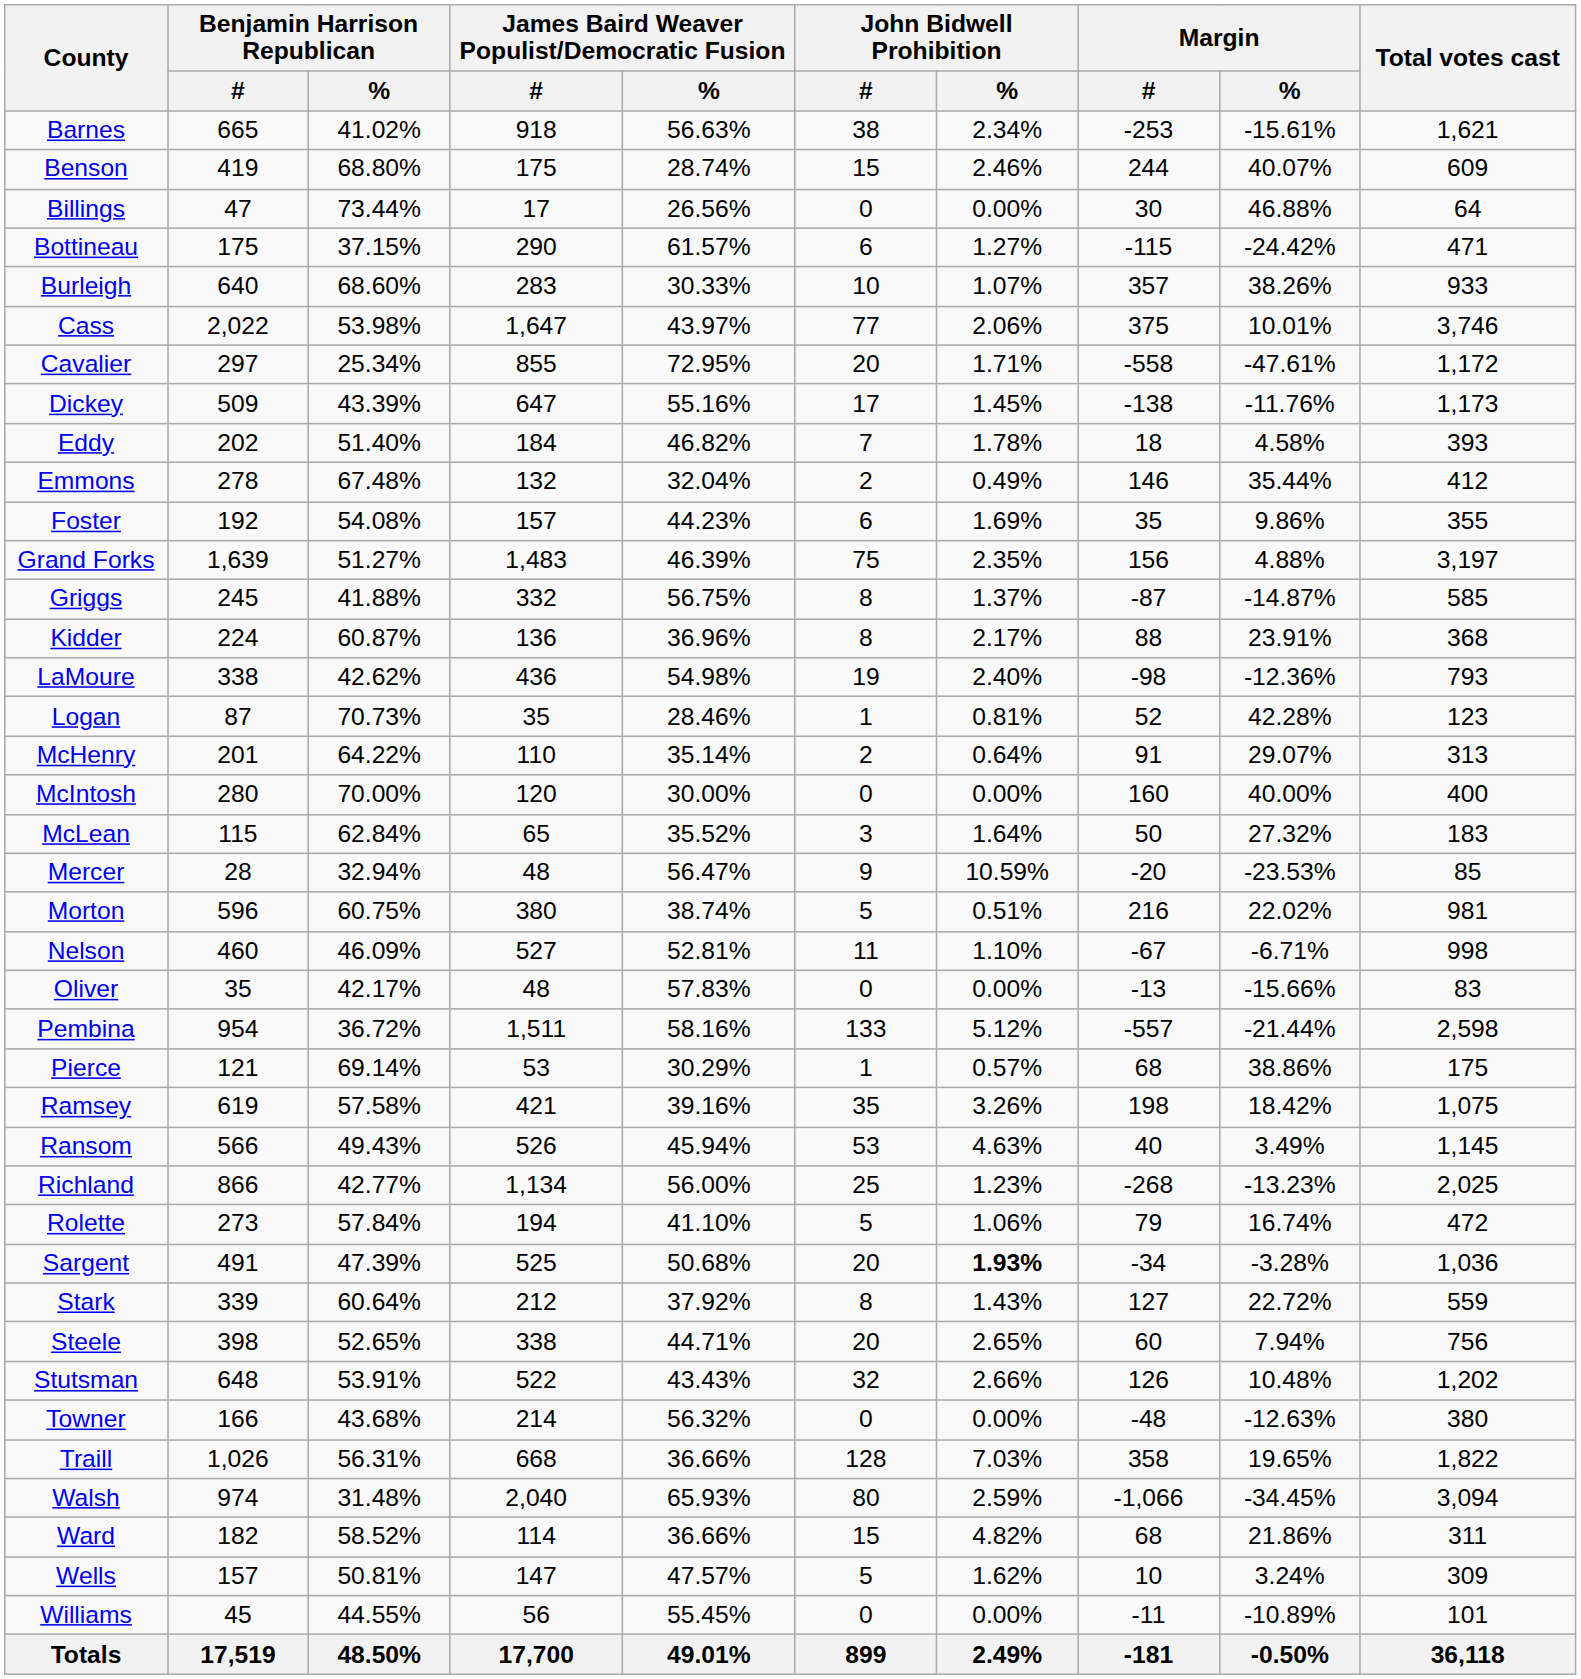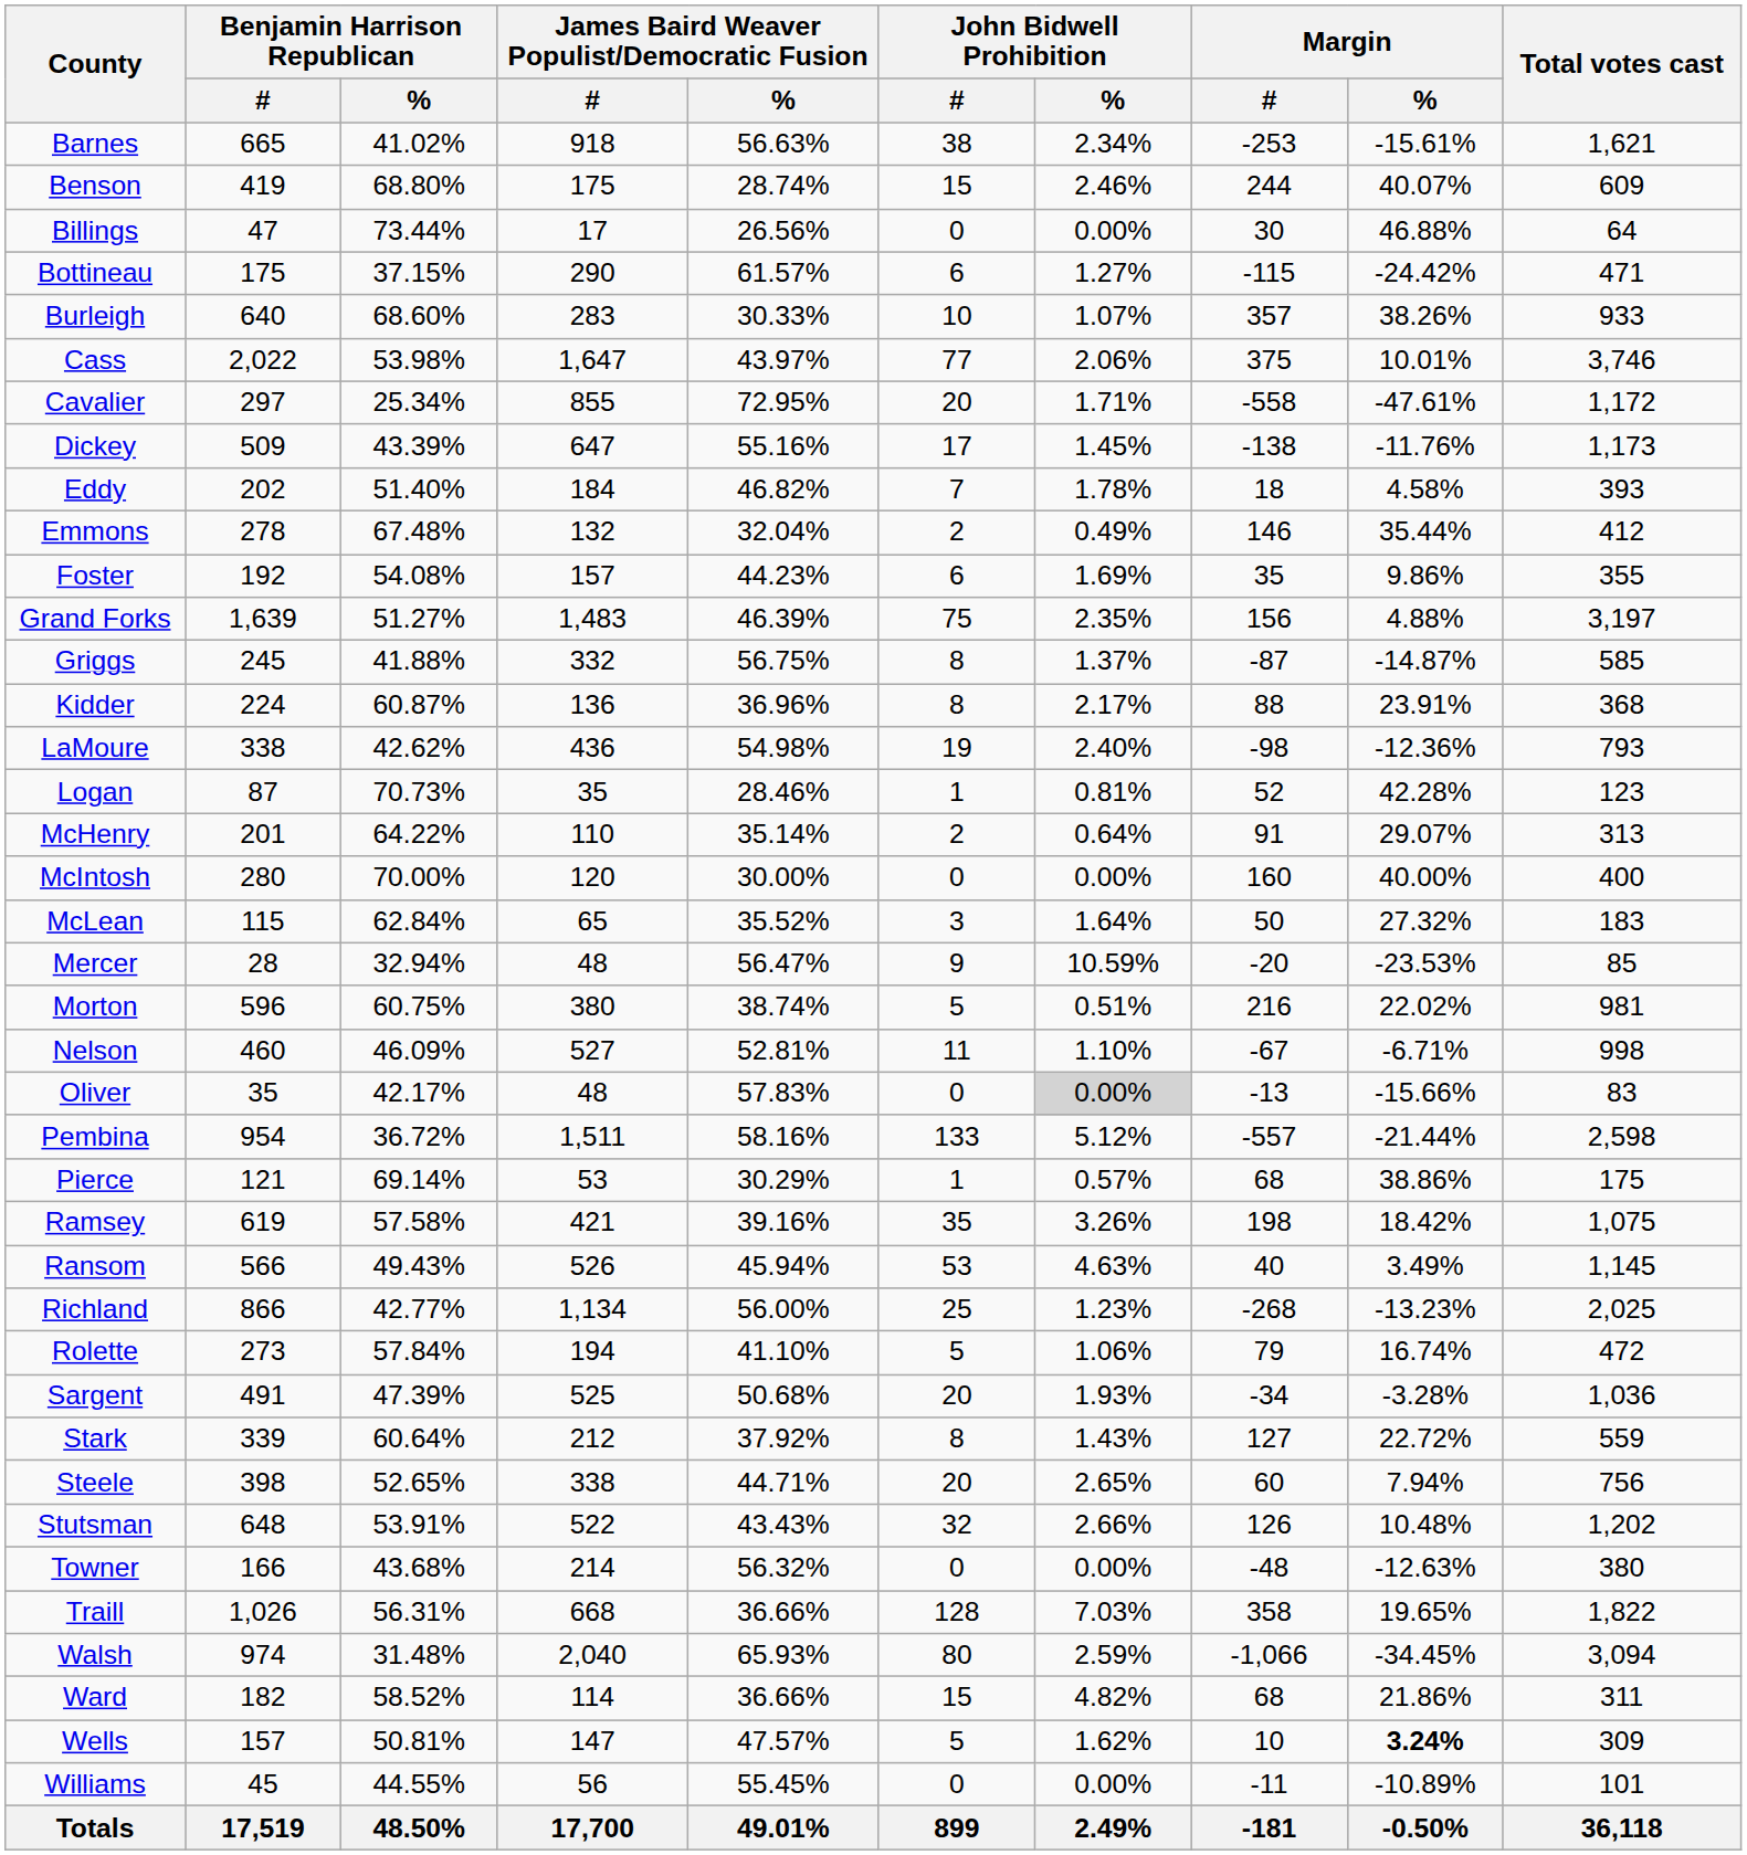 <table class="wikitable sortable">
 <tr>
 <th rowspan="2">County</th>
 <th colspan="2">Benjamin Harrison<br>Republican</th>
 <th colspan="2">James Baird Weaver<br>Populist/Democratic Fusion</th>
 <th colspan="2">John Bidwell<br>Prohibition</th>
 <th colspan="2">Margin</th>
 <th rowspan="2">Total votes cast</th>
 </tr>
 <tr style="text-align:center;">
 <th data-sort-type="number" width="9%">#</th>
 <th data-sort-type="number" width="9%">%</th>
 <th data-sort-type="number" width="11%">#</th>
 <th data-sort-type="number" width="11%">%</th>
 <th data-sort-type="number" width="9%">#</th>
 <th data-sort-type="number" width="9%">%</th>
 <th data-sort-type="number" width="9%">#</th>
 <th data-sort-type="number" width="9%">%</th>
 </tr>
 <tr style="text-align:center;">
 <td><a href='#'>Barnes</a></td>
 <td>665</td>
 <td>41.02%</td>
 <td>918</td>
 <td>56.63%</td>
 <td>38</td>
 <td>2.34%</td>
 <td>-253</td>
 <td>-15.61%</td>
 <td>1,621</td>
 </tr>
 <tr style="text-align:center;">
 <td><a href='#'>Benson</a></td>
 <td>419</td>
 <td>68.80%</td>
 <td>175</td>
 <td>28.74%</td>
 <td>15</td>
 <td>2.46%</td>
 <td>244</td>
 <td>40.07%</td>
 <td>609</td>
 </tr>
 <tr style="text-align:center;">
 <td><a href='#'>Billings</a></td>
 <td>47</td>
 <td>73.44%</td>
 <td>17</td>
 <td>26.56%</td>
 <td>0</td>
 <td>0.00%</td>
 <td>30</td>
 <td>46.88%</td>
 <td>64</td>
 </tr>
 <tr style="text-align:center;">
 <td><a href='#'>Bottineau</a></td>
 <td>175</td>
 <td>37.15%</td>
 <td>290</td>
 <td>61.57%</td>
 <td>6</td>
 <td>1.27%</td>
 <td>-115</td>
 <td>-24.42%</td>
 <td>471</td>
 </tr>
 <tr style="text-align:center;">
 <td><a href='#'>Burleigh</a></td>
 <td>640</td>
 <td>68.60%</td>
 <td>283</td>
 <td>30.33%</td>
 <td>10</td>
 <td>1.07%</td>
 <td>357</td>
 <td>38.26%</td>
 <td>933</td>
 </tr>
 <tr style="text-align:center;">
 <td><a href='#'>Cass</a></td>
 <td>2,022</td>
 <td>53.98%</td>
 <td>1,647</td>
 <td>43.97%</td>
 <td>77</td>
 <td>2.06%</td>
 <td>375</td>
 <td>10.01%</td>
 <td>3,746</td>
 </tr>
 <tr style="text-align:center;">
 <td><a href='#'>Cavalier</a></td>
 <td>297</td>
 <td>25.34%</td>
 <td>855</td>
 <td>72.95%</td>
 <td>20</td>
 <td>1.71%</td>
 <td>-558</td>
 <td>-47.61%</td>
 <td>1,172</td>
 </tr>
 <tr style="text-align:center;">
 <td><a href='#'>Dickey</a></td>
 <td>509</td>
 <td>43.39%</td>
 <td>647</td>
 <td>55.16%</td>
 <td>17</td>
 <td>1.45%</td>
 <td>-138</td>
 <td>-11.76%</td>
 <td>1,173</td>
 </tr>
 <tr style="text-align:center;">
 <td><a href='#'>Eddy</a></td>
 <td>202</td>
 <td>51.40%</td>
 <td>184</td>
 <td>46.82%</td>
 <td>7</td>
 <td>1.78%</td>
 <td>18</td>
 <td>4.58%</td>
 <td>393</td>
 </tr>
 <tr style="text-align:center;">
 <td><a href='#'>Emmons</a></td>
 <td>278</td>
 <td>67.48%</td>
 <td>132</td>
 <td>32.04%</td>
 <td>2</td>
 <td>0.49%</td>
 <td>146</td>
 <td>35.44%</td>
 <td>412</td>
 </tr>
 <tr style="text-align:center;">
 <td><a href='#'>Foster</a></td>
 <td>192</td>
 <td>54.08%</td>
 <td>157</td>
 <td>44.23%</td>
 <td>6</td>
 <td>1.69%</td>
 <td>35</td>
 <td>9.86%</td>
 <td>355</td>
 </tr>
 <tr style="text-align:center;">
 <td><a href='#'>Grand Forks</a></td>
 <td>1,639</td>
 <td>51.27%</td>
 <td>1,483</td>
 <td>46.39%</td>
 <td>75</td>
 <td>2.35%</td>
 <td>156</td>
 <td>4.88%</td>
 <td>3,197</td>
 </tr>
 <tr style="text-align:center;">
 <td><a href='#'>Griggs</a></td>
 <td>245</td>
 <td>41.88%</td>
 <td>332</td>
 <td>56.75%</td>
 <td>8</td>
 <td>1.37%</td>
 <td>-87</td>
 <td>-14.87%</td>
 <td>585</td>
 </tr>
 <tr style="text-align:center;">
 <td><a href='#'>Kidder</a></td>
 <td>224</td>
 <td>60.87%</td>
 <td>136</td>
 <td>36.96%</td>
 <td>8</td>
 <td>2.17%</td>
 <td>88</td>
 <td>23.91%</td>
 <td>368</td>
 </tr>
 <tr style="text-align:center;">
 <td><a href='#'>LaMoure</a></td>
 <td>338</td>
 <td>42.62%</td>
 <td>436</td>
 <td>54.98%</td>
 <td>19</td>
 <td>2.40%</td>
 <td>-98</td>
 <td>-12.36%</td>
 <td>793</td>
 </tr>
 <tr style="text-align:center;">
 <td><a href='#'>Logan</a></td>
 <td>87</td>
 <td>70.73%</td>
 <td>35</td>
 <td>28.46%</td>
 <td>1</td>
 <td>0.81%</td>
 <td>52</td>
 <td>42.28%</td>
 <td>123</td>
 </tr>
 <tr style="text-align:center;">
 <td><a href='#'>McHenry</a></td>
 <td>201</td>
 <td>64.22%</td>
 <td>110</td>
 <td>35.14%</td>
 <td>2</td>
 <td>0.64%</td>
 <td>91</td>
 <td>29.07%</td>
 <td>313</td>
 </tr>
 <tr style="text-align:center;">
 <td><a href='#'>McIntosh</a></td>
 <td>280</td>
 <td>70.00%</td>
 <td>120</td>
 <td>30.00%</td>
 <td>0</td>
 <td>0.00%</td>
 <td>160</td>
 <td>40.00%</td>
 <td>400</td>
 </tr>
 <tr style="text-align:center;">
 <td><a href='#'>McLean</a></td>
 <td>115</td>
 <td>62.84%</td>
 <td>65</td>
 <td>35.52%</td>
 <td>3</td>
 <td>1.64%</td>
 <td>50</td>
 <td>27.32%</td>
 <td>183</td>
 </tr>
 <tr style="text-align:center;">
 <td><a href='#'>Mercer</a></td>
 <td>28</td>
 <td>32.94%</td>
 <td>48</td>
 <td>56.47%</td>
 <td>9</td>
 <td>10.59%</td>
 <td>-20</td>
 <td>-23.53%</td>
 <td>85</td>
 </tr>
 <tr style="text-align:center;">
 <td><a href='#'>Morton</a></td>
 <td>596</td>
 <td>60.75%</td>
 <td>380</td>
 <td>38.74%</td>
 <td>5</td>
 <td>0.51%</td>
 <td>216</td>
 <td>22.02%</td>
 <td>981</td>
 </tr>
 <tr style="text-align:center;">
 <td><a href='#'>Nelson</a></td>
 <td>460</td>
 <td>46.09%</td>
 <td>527</td>
 <td>52.81%</td>
 <td>11</td>
 <td>1.10%</td>
 <td>-67</td>
 <td>-6.71%</td>
 <td>998</td>
 </tr>
 <tr style="text-align:center;">
 <td><a href='#'>Oliver</a></td>
 <td>35</td>
 <td>42.17%</td>
 <td>48</td>
 <td>57.83%</td>
 <td>0</td>
-<td>0.00%</td>
+<td style="background: lightgrey;">0.00%</td>
 <td>-13</td>
 <td>-15.66%</td>
 <td>83</td>
 </tr>
 <tr style="text-align:center;">
 <td><a href='#'>Pembina</a></td>
 <td>954</td>
 <td>36.72%</td>
 <td>1,511</td>
 <td>58.16%</td>
 <td>133</td>
 <td>5.12%</td>
 <td>-557</td>
 <td>-21.44%</td>
 <td>2,598</td>
 </tr>
 <tr style="text-align:center;">
 <td><a href='#'>Pierce</a></td>
 <td>121</td>
 <td>69.14%</td>
 <td>53</td>
 <td>30.29%</td>
 <td>1</td>
 <td>0.57%</td>
 <td>68</td>
 <td>38.86%</td>
 <td>175</td>
 </tr>
 <tr style="text-align:center;">
 <td><a href='#'>Ramsey</a></td>
 <td>619</td>
 <td>57.58%</td>
 <td>421</td>
 <td>39.16%</td>
 <td>35</td>
 <td>3.26%</td>
 <td>198</td>
 <td>18.42%</td>
 <td>1,075</td>
 </tr>
 <tr style="text-align:center;">
 <td><a href='#'>Ransom</a></td>
 <td>566</td>
 <td>49.43%</td>
 <td>526</td>
 <td>45.94%</td>
 <td>53</td>
 <td>4.63%</td>
 <td>40</td>
 <td>3.49%</td>
 <td>1,145</td>
 </tr>
 <tr style="text-align:center;">
 <td><a href='#'>Richland</a></td>
 <td>866</td>
 <td>42.77%</td>
 <td>1,134</td>
 <td>56.00%</td>
 <td>25</td>
 <td>1.23%</td>
 <td>-268</td>
 <td>-13.23%</td>
 <td>2,025</td>
 </tr>
 <tr style="text-align:center;">
 <td><a href='#'>Rolette</a></td>
 <td>273</td>
 <td>57.84%</td>
 <td>194</td>
 <td>41.10%</td>
 <td>5</td>
 <td>1.06%</td>
 <td>79</td>
 <td>16.74%</td>
 <td>472</td>
 </tr>
 <tr style="text-align:center;">
 <td><a href='#'>Sargent</a></td>
 <td>491</td>
 <td>47.39%</td>
 <td>525</td>
 <td>50.68%</td>
 <td>20</td>
-<td><strong>1.93%</strong></td>
+<td>1.93%</td>
 <td>-34</td>
 <td>-3.28%</td>
 <td>1,036</td>
 </tr>
 <tr style="text-align:center;">
 <td><a href='#'>Stark</a></td>
 <td>339</td>
 <td>60.64%</td>
 <td>212</td>
 <td>37.92%</td>
 <td>8</td>
 <td>1.43%</td>
 <td>127</td>
 <td>22.72%</td>
 <td>559</td>
 </tr>
 <tr style="text-align:center;">
 <td><a href='#'>Steele</a></td>
 <td>398</td>
 <td>52.65%</td>
 <td>338</td>
 <td>44.71%</td>
 <td>20</td>
 <td>2.65%</td>
 <td>60</td>
 <td>7.94%</td>
 <td>756</td>
 </tr>
 <tr style="text-align:center;">
 <td><a href='#'>Stutsman</a></td>
 <td>648</td>
 <td>53.91%</td>
 <td>522</td>
 <td>43.43%</td>
 <td>32</td>
 <td>2.66%</td>
 <td>126</td>
 <td>10.48%</td>
 <td>1,202</td>
 </tr>
 <tr style="text-align:center;">
 <td><a href='#'>Towner</a></td>
 <td>166</td>
 <td>43.68%</td>
 <td>214</td>
 <td>56.32%</td>
 <td>0</td>
 <td>0.00%</td>
 <td>-48</td>
 <td>-12.63%</td>
 <td>380</td>
 </tr>
 <tr style="text-align:center;">
 <td><a href='#'>Traill</a></td>
 <td>1,026</td>
 <td>56.31%</td>
 <td>668</td>
 <td>36.66%</td>
 <td>128</td>
 <td>7.03%</td>
 <td>358</td>
 <td>19.65%</td>
 <td>1,822</td>
 </tr>
 <tr style="text-align:center;">
 <td><a href='#'>Walsh</a></td>
 <td>974</td>
 <td>31.48%</td>
 <td>2,040</td>
 <td>65.93%</td>
 <td>80</td>
 <td>2.59%</td>
 <td>-1,066</td>
 <td>-34.45%</td>
 <td>3,094</td>
 </tr>
 <tr style="text-align:center;">
 <td><a href='#'>Ward</a></td>
 <td>182</td>
 <td>58.52%</td>
 <td>114</td>
 <td>36.66%</td>
 <td>15</td>
 <td>4.82%</td>
 <td>68</td>
 <td>21.86%</td>
 <td>311</td>
 </tr>
 <tr style="text-align:center;">
 <td><a href='#'>Wells</a></td>
 <td>157</td>
 <td>50.81%</td>
 <td>147</td>
 <td>47.57%</td>
 <td>5</td>
 <td>1.62%</td>
 <td>10</td>
-<td>3.24%</td>
+<td><strong>3.24%</strong></td>
 <td>309</td>
 </tr>
 <tr style="text-align:center;">
 <td><a href='#'>Williams</a></td>
 <td>45</td>
 <td>44.55%</td>
 <td>56</td>
 <td>55.45%</td>
 <td>0</td>
 <td>0.00%</td>
 <td>-11</td>
 <td>-10.89%</td>
 <td>101</td>
 </tr>
 <tr style="text-align:center;">
 <th>Totals</th>
 <th>17,519</th>
 <th>48.50%</th>
 <th>17,700</th>
 <th>49.01%</th>
 <th>899</th>
 <th>2.49%</th>
 <th>-181</th>
 <th>-0.50%</th>
 <th>36,118</th>
 </tr>
 </table>
